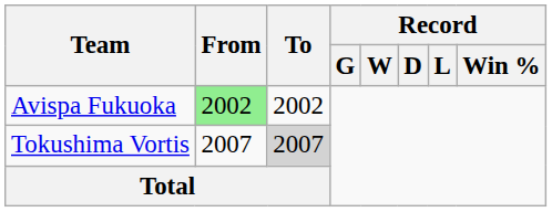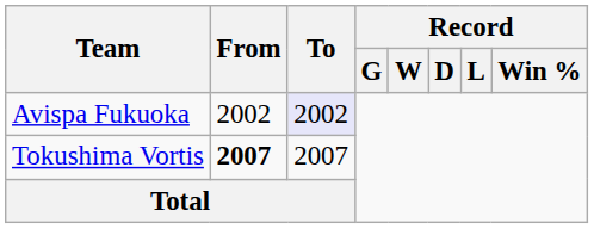 <table class="wikitable" style="text-align: center">
 <tr>
 <th rowspan="2">Team</th>
 <th rowspan="2">From</th>
 <th rowspan="2">To</th>
 <th colspan="5">Record</th>
 </tr>
 <tr>
 <th>G</th>
 <th>W</th>
 <th>D</th>
 <th>L</th>
 <th>Win %</th>
 </tr>
 <tr>
 <td align="left"><a href='#'>Avispa Fukuoka</a></td>
-<td align="left" style="background: lightgreen;">2002</td>
-<td align="left">2002<br></td>
+<td align="left">2002</td>
+<td align="left" style="background: lavender;">2002<br></td>
 </tr>
 <tr>
 <td align="left"><a href='#'>Tokushima Vortis</a></td>
-<td align="left">2007</td>
-<td align="left" style="background: lightgrey;">2007<br></td>
+<td align="left"><strong>2007</strong></td>
+<td align="left">2007<br></td>
 </tr>
 <tr>
 <th colspan="3">Total<br></th>
 </tr>
 </table>
